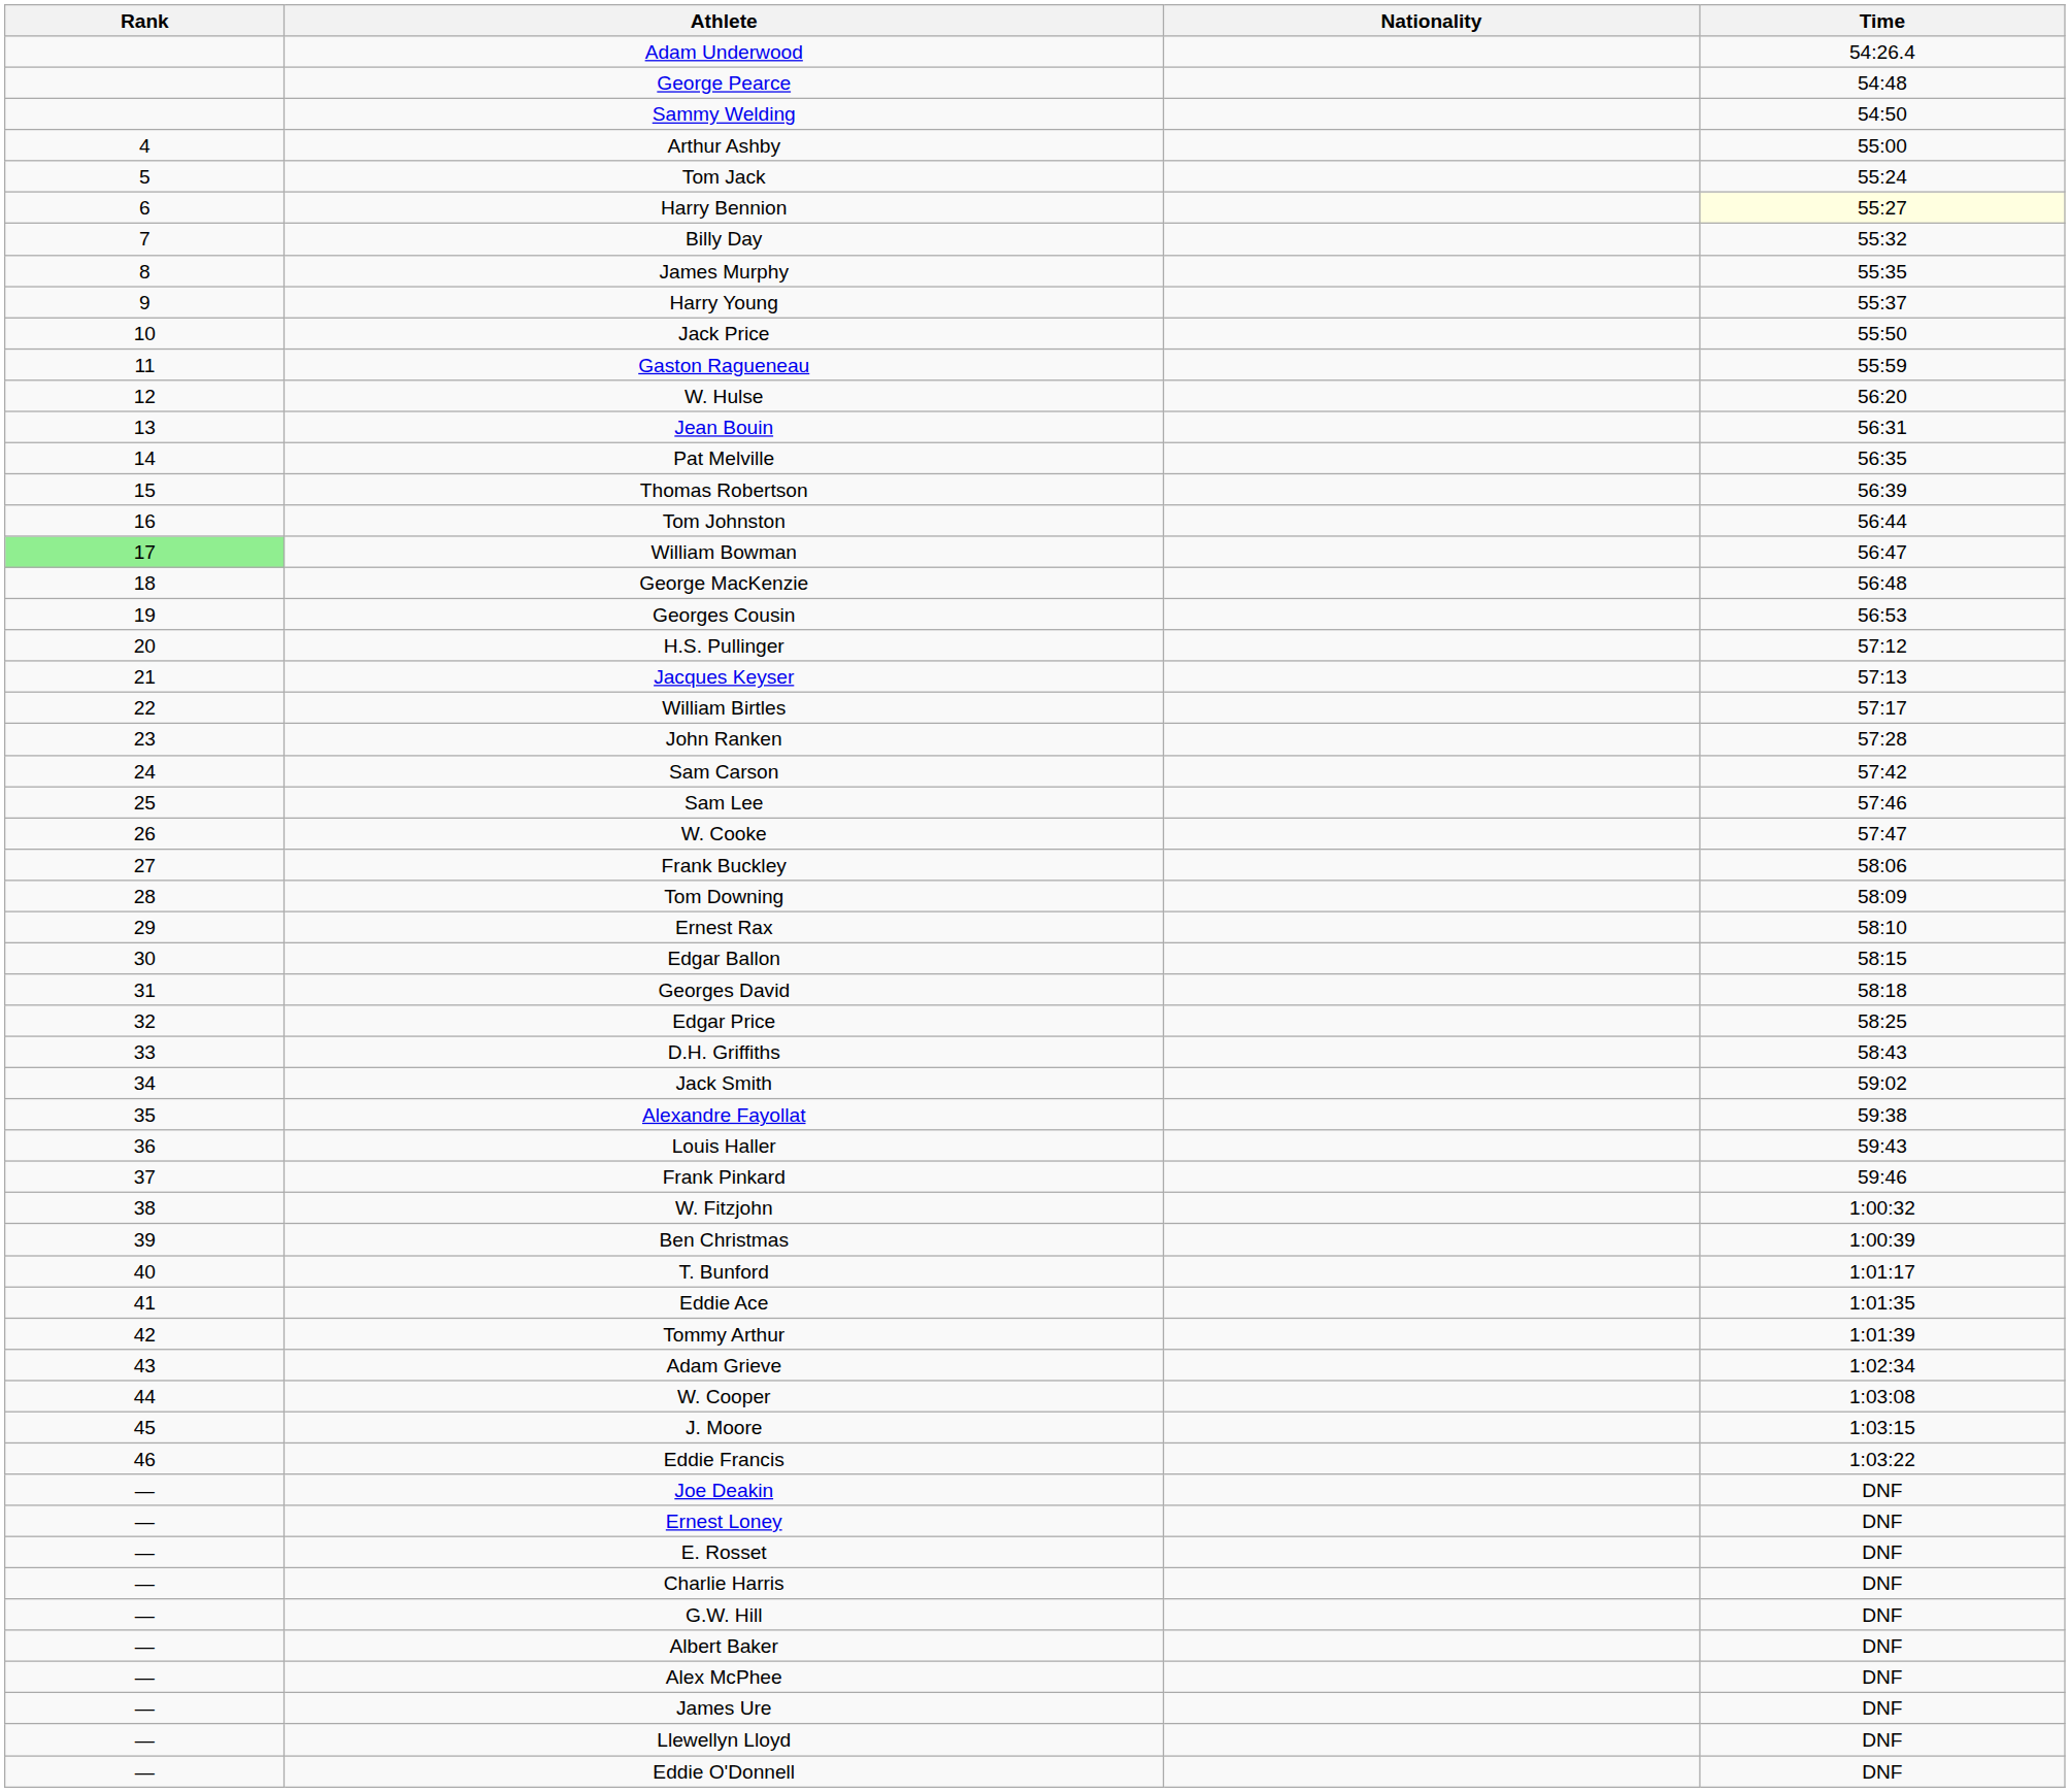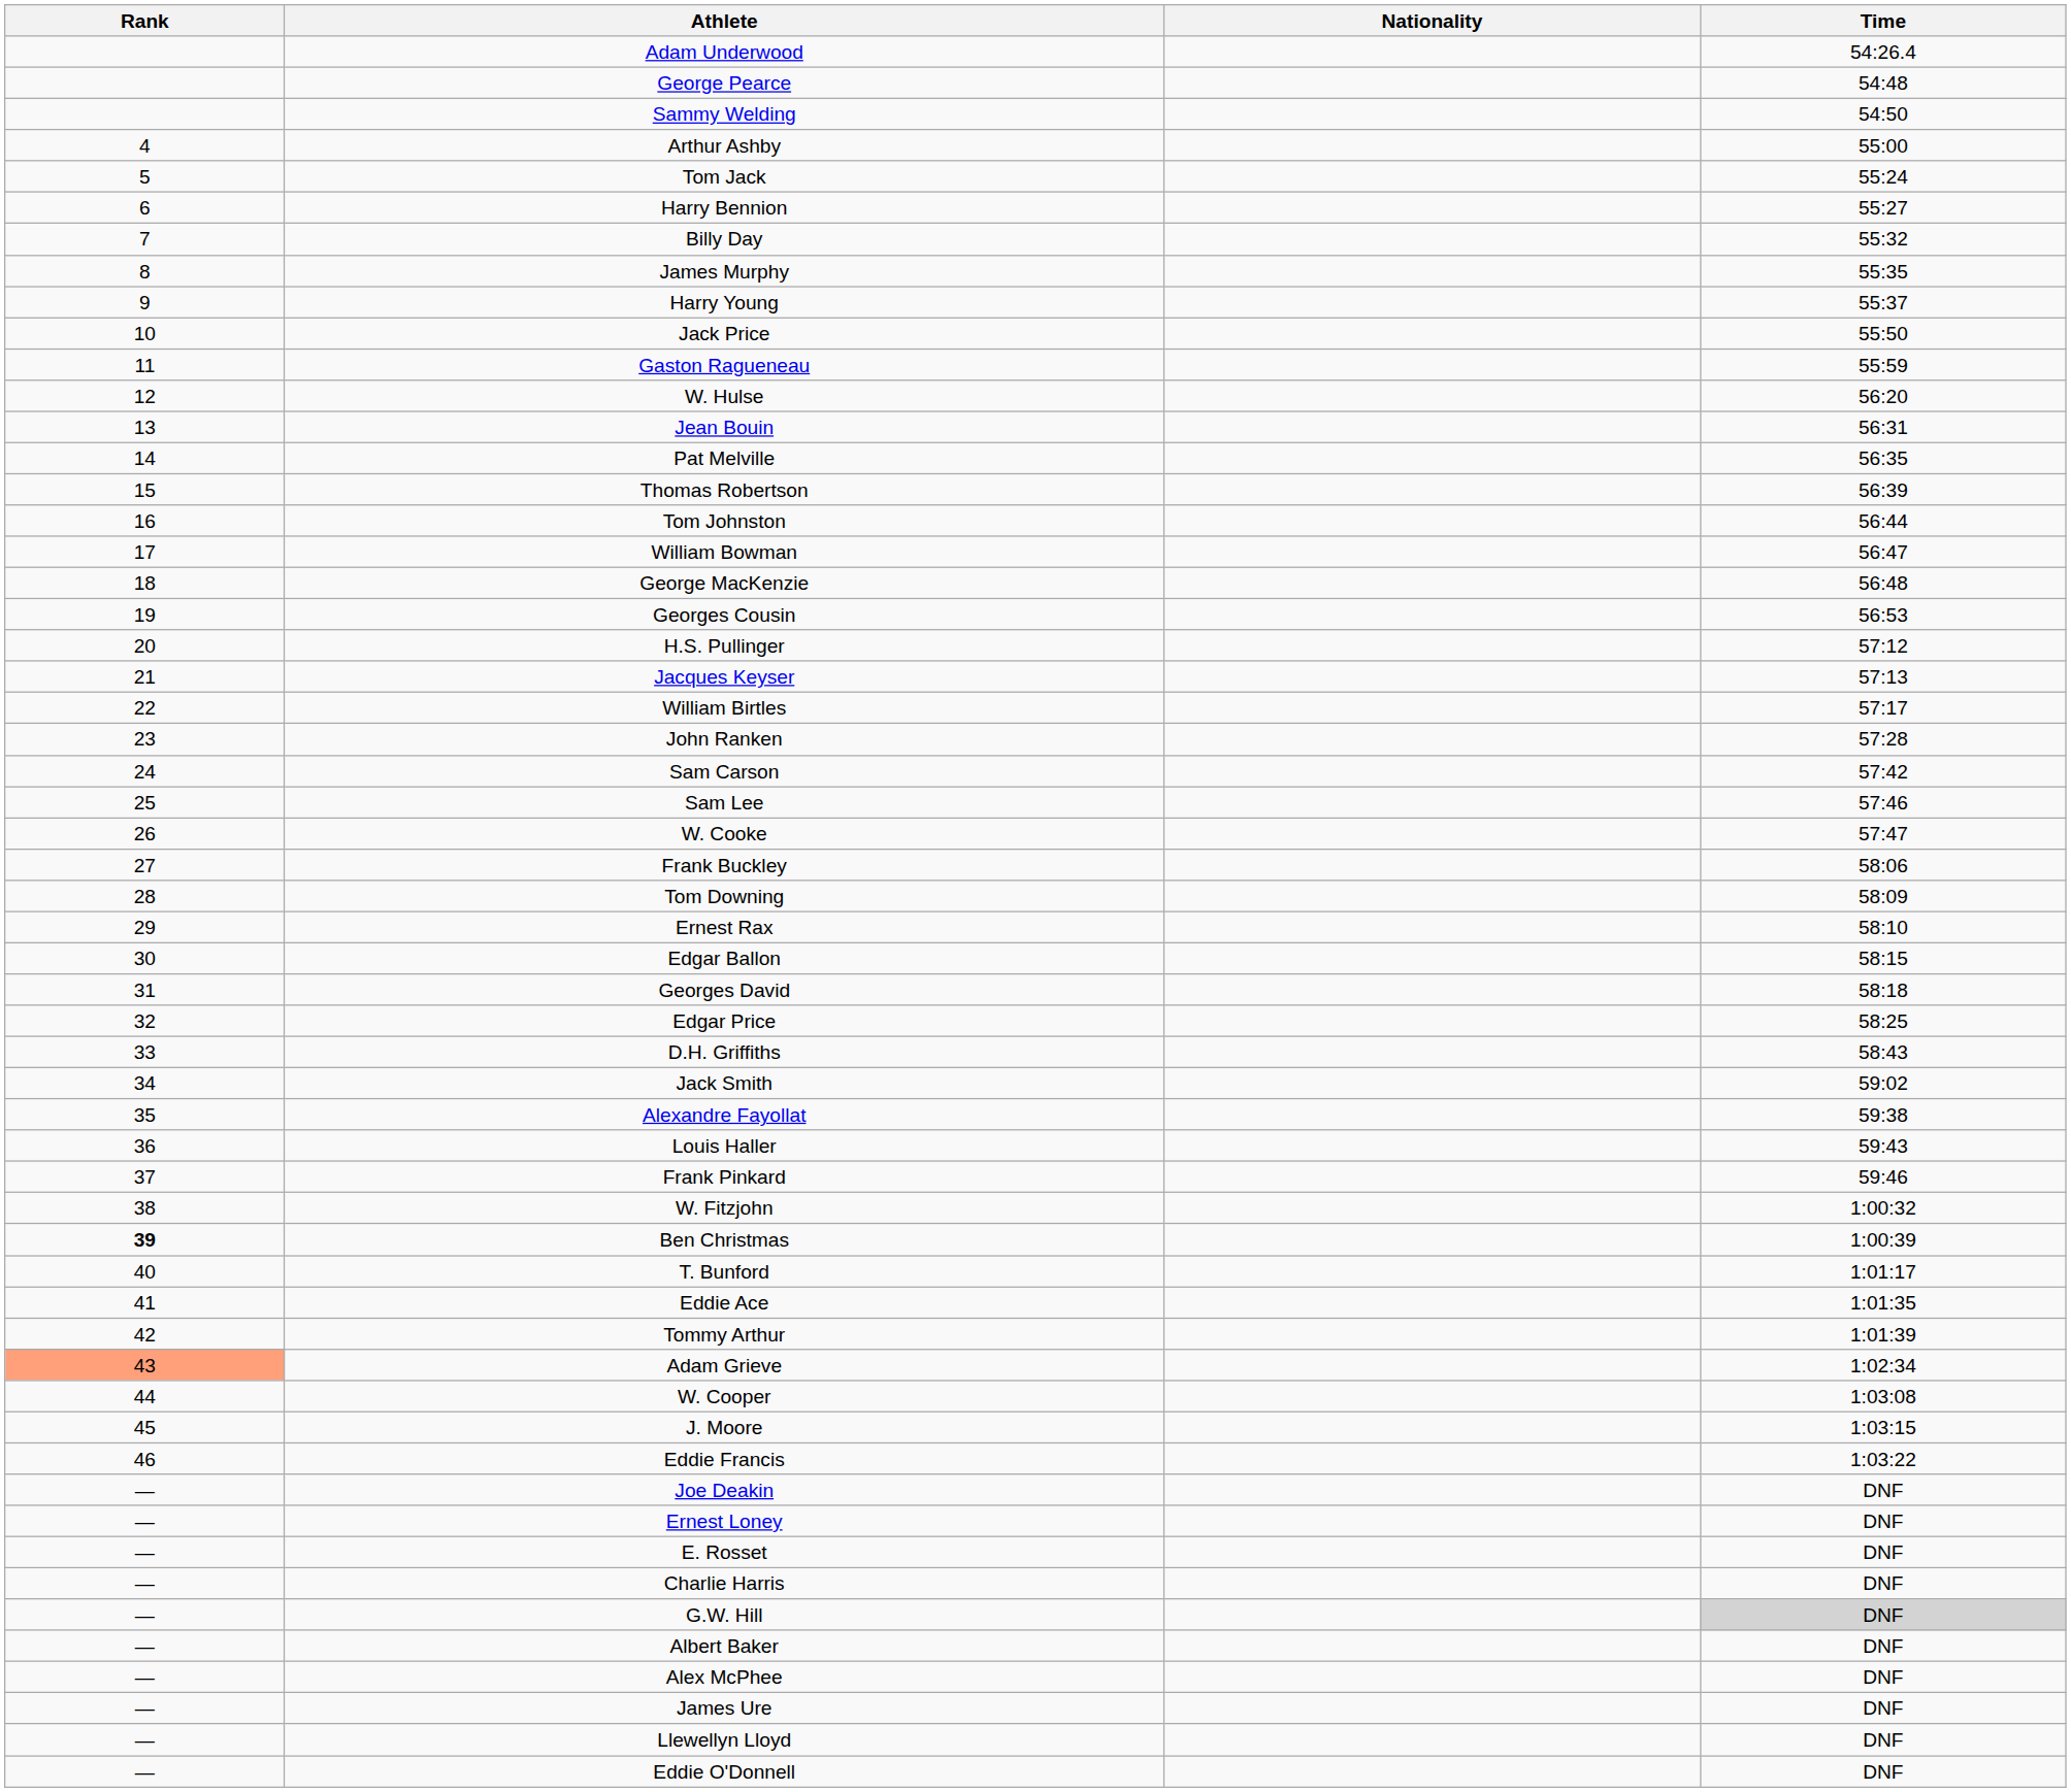 <table class="wikitable sortable" style=" text-align:center; font-size:95%;" width="80%">
 <tr>
 <th>Rank</th>
 <th>Athlete</th>
 <th>Nationality</th>
 <th>Time</th>
 </tr>
 <tr>
 <td align=center></td>
 <td><a href='#'>Adam Underwood</a></td>
 <td></td>
 <td>54:26.4</td>
 </tr>
 <tr>
 <td align=center></td>
 <td><a href='#'>George Pearce</a></td>
 <td></td>
 <td>54:48</td>
 </tr>
 <tr>
 <td align=center></td>
 <td><a href='#'>Sammy Welding</a></td>
 <td></td>
 <td>54:50</td>
 </tr>
 <tr>
 <td align=center>4</td>
 <td>Arthur Ashby</td>
 <td></td>
 <td>55:00</td>
 </tr>
 <tr>
 <td align=center>5</td>
 <td>Tom Jack</td>
 <td></td>
 <td>55:24</td>
 </tr>
 <tr>
 <td align=center>6</td>
 <td>Harry Bennion</td>
 <td></td>
-<td style="background: lightyellow;">55:27</td>
+<td>55:27</td>
 </tr>
 <tr>
 <td align=center>7</td>
 <td>Billy Day</td>
 <td></td>
 <td>55:32</td>
 </tr>
 <tr>
 <td align=center>8</td>
 <td>James Murphy</td>
 <td></td>
 <td>55:35</td>
 </tr>
 <tr>
 <td align=center>9</td>
 <td>Harry Young</td>
 <td></td>
 <td>55:37</td>
 </tr>
 <tr>
 <td align=center>10</td>
 <td>Jack Price</td>
 <td></td>
 <td>55:50</td>
 </tr>
 <tr>
 <td align=center>11</td>
 <td><a href='#'>Gaston Ragueneau</a></td>
 <td></td>
 <td>55:59</td>
 </tr>
 <tr>
 <td align=center>12</td>
 <td>W. Hulse</td>
 <td></td>
 <td>56:20</td>
 </tr>
 <tr>
 <td align=center>13</td>
 <td><a href='#'>Jean Bouin</a></td>
 <td></td>
 <td>56:31</td>
 </tr>
 <tr>
 <td align=center>14</td>
 <td>Pat Melville</td>
 <td></td>
 <td>56:35</td>
 </tr>
 <tr>
 <td align=center>15</td>
 <td>Thomas Robertson</td>
 <td></td>
 <td>56:39</td>
 </tr>
 <tr>
 <td align=center>16</td>
 <td>Tom Johnston</td>
 <td></td>
 <td>56:44</td>
 </tr>
 <tr>
-<td align=center style="background: lightgreen;">17</td>
+<td align=center>17</td>
 <td>William Bowman</td>
 <td></td>
 <td>56:47</td>
 </tr>
 <tr>
 <td align=center>18</td>
 <td>George MacKenzie</td>
 <td></td>
 <td>56:48</td>
 </tr>
 <tr>
 <td align=center>19</td>
 <td>Georges Cousin</td>
 <td></td>
 <td>56:53</td>
 </tr>
 <tr>
 <td align=center>20</td>
 <td>H.S. Pullinger</td>
 <td></td>
 <td>57:12</td>
 </tr>
 <tr>
 <td align=center>21</td>
 <td><a href='#'>Jacques Keyser</a></td>
 <td></td>
 <td>57:13</td>
 </tr>
 <tr>
 <td align=center>22</td>
 <td>William Birtles</td>
 <td></td>
 <td>57:17</td>
 </tr>
 <tr>
 <td align=center>23</td>
 <td>John Ranken</td>
 <td></td>
 <td>57:28</td>
 </tr>
 <tr>
 <td align=center>24</td>
 <td>Sam Carson</td>
 <td></td>
 <td>57:42</td>
 </tr>
 <tr>
 <td align=center>25</td>
 <td>Sam Lee</td>
 <td></td>
 <td>57:46</td>
 </tr>
 <tr>
 <td align=center>26</td>
 <td>W. Cooke</td>
 <td></td>
 <td>57:47</td>
 </tr>
 <tr>
 <td align=center>27</td>
 <td>Frank Buckley</td>
 <td></td>
 <td>58:06</td>
 </tr>
 <tr>
 <td align=center>28</td>
 <td>Tom Downing</td>
 <td></td>
 <td>58:09</td>
 </tr>
 <tr>
 <td align=center>29</td>
 <td>Ernest Rax</td>
 <td></td>
 <td>58:10</td>
 </tr>
 <tr>
 <td align=center>30</td>
 <td>Edgar Ballon</td>
 <td></td>
 <td>58:15</td>
 </tr>
 <tr>
 <td align=center>31</td>
 <td>Georges David</td>
 <td></td>
 <td>58:18</td>
 </tr>
 <tr>
 <td align=center>32</td>
 <td>Edgar Price</td>
 <td></td>
 <td>58:25</td>
 </tr>
 <tr>
 <td align=center>33</td>
 <td>D.H. Griffiths</td>
 <td></td>
 <td>58:43</td>
 </tr>
 <tr>
 <td align=center>34</td>
 <td>Jack Smith</td>
 <td></td>
 <td>59:02</td>
 </tr>
 <tr>
 <td align=center>35</td>
 <td><a href='#'>Alexandre Fayollat</a></td>
 <td></td>
 <td>59:38</td>
 </tr>
 <tr>
 <td align=center>36</td>
 <td>Louis Haller</td>
 <td></td>
 <td>59:43</td>
 </tr>
 <tr>
 <td align=center>37</td>
 <td>Frank Pinkard</td>
 <td></td>
 <td>59:46</td>
 </tr>
 <tr>
 <td align=center>38</td>
 <td>W. Fitzjohn</td>
 <td></td>
 <td>1:00:32</td>
 </tr>
 <tr>
-<td align=center>39</td>
+<td align=center><strong>39</strong></td>
 <td>Ben Christmas</td>
 <td></td>
 <td>1:00:39</td>
 </tr>
 <tr>
 <td align=center>40</td>
 <td>T. Bunford</td>
 <td></td>
 <td>1:01:17</td>
 </tr>
 <tr>
 <td align=center>41</td>
 <td>Eddie Ace</td>
 <td></td>
 <td>1:01:35</td>
 </tr>
 <tr>
 <td align=center>42</td>
 <td>Tommy Arthur</td>
 <td></td>
 <td>1:01:39</td>
 </tr>
 <tr>
-<td align=center>43</td>
+<td align=center style="background: lightsalmon;">43</td>
 <td>Adam Grieve</td>
 <td></td>
 <td>1:02:34</td>
 </tr>
 <tr>
 <td align=center>44</td>
 <td>W. Cooper</td>
 <td></td>
 <td>1:03:08</td>
 </tr>
 <tr>
 <td align=center>45</td>
 <td>J. Moore</td>
 <td></td>
 <td>1:03:15</td>
 </tr>
 <tr>
 <td align=center>46</td>
 <td>Eddie Francis</td>
 <td></td>
 <td>1:03:22</td>
 </tr>
 <tr>
 <td align=center>—</td>
 <td><a href='#'>Joe Deakin</a></td>
 <td></td>
 <td>DNF</td>
 </tr>
 <tr>
 <td align=center>—</td>
 <td><a href='#'>Ernest Loney</a></td>
 <td></td>
 <td>DNF</td>
 </tr>
 <tr>
 <td align=center>—</td>
 <td>E. Rosset</td>
 <td></td>
 <td>DNF</td>
 </tr>
 <tr>
 <td align=center>—</td>
 <td>Charlie Harris</td>
 <td></td>
 <td>DNF</td>
 </tr>
 <tr>
 <td align=center>—</td>
 <td>G.W. Hill</td>
 <td></td>
-<td>DNF</td>
+<td style="background: lightgrey;">DNF</td>
 </tr>
 <tr>
 <td align=center>—</td>
 <td>Albert Baker</td>
 <td></td>
 <td>DNF</td>
 </tr>
 <tr>
 <td align=center>—</td>
 <td>Alex McPhee</td>
 <td></td>
 <td>DNF</td>
 </tr>
 <tr>
 <td align=center>—</td>
 <td>James Ure</td>
 <td></td>
 <td>DNF</td>
 </tr>
 <tr>
 <td align=center>—</td>
 <td>Llewellyn Lloyd</td>
 <td></td>
 <td>DNF</td>
 </tr>
 <tr>
 <td align=center>—</td>
 <td>Eddie O'Donnell</td>
 <td></td>
 <td>DNF</td>
 </tr>
 </table>
